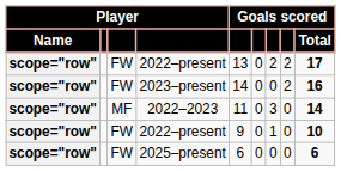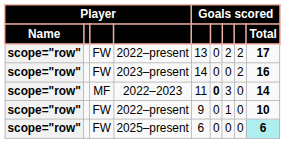 <table class="wikitable sortable" style="text-align:center;">
 <tr>
 <th style="background:#000000; color:#FFFFFF; border:2px solid #F1B1A5; " colspan=4 scope="colgroup">Player</th>
 <th style="background:#000000; color:#FFFFFF; border:2px solid #F1B1A5; " colspan=5 scope="colgroup">Goals scored</th>
 </tr>
 <tr>
 <th style="background:#000000; color:#FFFFFF; border:2px solid #F1B1A5; " scope="col">Name</th>
 <th style="background:#000000; color:#FFFFFF; border:2px solid #F1B1A5; " scope="col"></th>
 <th style="background:#000000; color:#FFFFFF; border:2px solid #F1B1A5; " scope="col"></th>
 <th style="background:#000000; color:#FFFFFF; border:2px solid #F1B1A5; " scope="col"></th>
 <th style="background:#000000; color:#FFFFFF; border:2px solid #F1B1A5; " scope="col"></th>
 <th style="background:#000000; color:#FFFFFF; border:2px solid #F1B1A5; " scope="col"></th>
 <th style="background:#000000; color:#FFFFFF; border:2px solid #F1B1A5; " scope="col"></th>
 <th style="background:#000000; color:#FFFFFF; border:2px solid #F1B1A5; " scope="col"></th>
 <th style="background:#000000; color:#FFFFFF; border:2px solid #F1B1A5; " scope="col">Total</th>
 </tr>
 <tr>
 <th>scope="row" </th>
 <td></td>
 <td>FW</td>
 <td>2022–present</td>
 <td>13</td>
 <td>0</td>
 <td>2</td>
 <td>2</td>
 <td><strong>17</strong></td>
 </tr>
 <tr>
 <th>scope="row" </th>
 <td></td>
 <td>FW</td>
 <td>2023–present</td>
 <td>14</td>
 <td>0</td>
 <td>0</td>
 <td>2</td>
 <td><strong>16</strong></td>
 </tr>
 <tr>
 <th>scope="row" </th>
 <td></td>
 <td>MF</td>
 <td>2022–2023</td>
 <td>11</td>
-<td>0</td>
+<td><strong>0</strong></td>
 <td>3</td>
 <td>0</td>
 <td><strong>14</strong></td>
 </tr>
 <tr>
 <th>scope="row" </th>
 <td></td>
 <td>FW</td>
 <td>2022–present</td>
 <td>9</td>
 <td>0</td>
 <td>1</td>
 <td>0</td>
 <td><strong>10</strong></td>
 </tr>
 <tr>
 <th>scope="row" </th>
 <td></td>
 <td>FW</td>
 <td>2025–present</td>
 <td>6</td>
 <td>0</td>
 <td>0</td>
 <td>0</td>
-<td><strong>6</strong></td>
+<td style="background: paleturquoise;"><strong>6</strong></td>
 </tr>
 </table>
